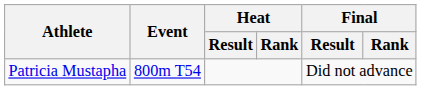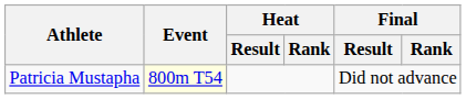 <table class="wikitable" style="font-size:90%">
 <tr>
 <th rowspan="2">Athlete</th>
 <th rowspan="2">Event</th>
 <th colspan="2">Heat</th>
 <th colspan="2">Final</th>
 </tr>
 <tr>
 <th>Result</th>
 <th>Rank</th>
 <th>Result</th>
 <th>Rank</th>
 </tr>
 <tr align=center>
 <td align=left><a href='#'>Patricia Mustapha</a></td>
-<td align=left><a href='#'>800m T54</a></td>
+<td align=left style="background: lightyellow;"><a href='#'>800m T54</a></td>
 <td colspan=2></td>
 <td colspan=2>Did not advance</td>
 </tr>
 </table>
